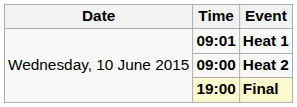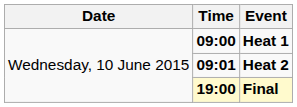 <table class="wikitable">
 <tr>
 <th>Date</th>
 <th>Time</th>
 <th>Event</th>
 </tr>
 <tr>
 <td rowspan="3">Wednesday, 10 June 2015</td>
-<td><strong>09:01</strong></td>
+<td><strong>09:00</strong></td>
 <td><strong>Heat 1</strong></td>
 </tr>
 <tr>
-<td><strong>09:00</strong></td>
+<td><strong>09:01</strong></td>
 <td><strong>Heat 2</strong></td>
 </tr>
 <tr style="background-color:lemonchiffon;">
 <td><strong>19:00</strong></td>
 <td><strong>Final</strong></td>
 </tr>
 </table>
